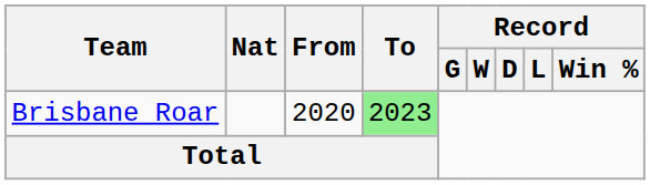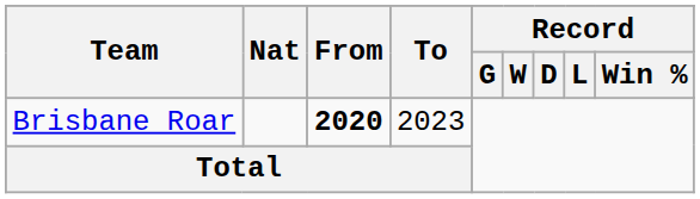 <table class="wikitable" style="text-align: center">
 <tr>
 <th rowspan="2">Team</th>
 <th rowspan="2">Nat</th>
 <th rowspan="2">From</th>
 <th rowspan="2">To</th>
 <th colspan="5">Record</th>
 </tr>
 <tr>
 <th>G</th>
 <th>W</th>
 <th>D</th>
 <th>L</th>
 <th>Win %</th>
 </tr>
 <tr>
 <td align=left><a href='#'>Brisbane Roar</a></td>
 <td></td>
-<td align=left>2020</td>
-<td align=left style="background: lightgreen;">2023<br></td>
+<td align=left><strong>2020</strong></td>
+<td align=left>2023<br></td>
 </tr>
 <tr>
 <th colspan="4">Total<br></th>
 </tr>
 </table>
